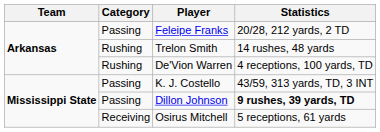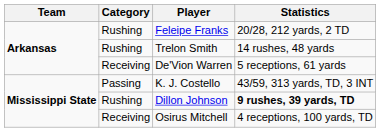 <table class="wikitable" style="float: left;">
 <tr>
 <th>Team</th>
 <th>Category</th>
 <th>Player</th>
 <th>Statistics</th>
 </tr>
 <tr>
 <td rowspan=3><strong>Arkansas</strong></td>
-<td>Passing</td>
+<td>Rushing</td>
 <td><a href='#'>Feleipe Franks</a></td>
 <td>20/28, 212 yards, 2 TD</td>
 </tr>
 <tr>
 <td>Rushing</td>
 <td>Trelon Smith</td>
 <td>14 rushes, 48 yards</td>
 </tr>
 <tr>
-<td>Rushing</td>
+<td>Receiving</td>
 <td>De'Vion Warren</td>
-<td>4 receptions, 100 yards, TD</td>
+<td>5 receptions, 61 yards</td>
 </tr>
 <tr>
 <td rowspan=3><strong>Mississippi State</strong></td>
 <td>Passing</td>
 <td>K. J. Costello</td>
 <td>43/59, 313 yards, TD, 3 INT</td>
 </tr>
 <tr>
-<td>Passing</td>
+<td>Rushing</td>
 <td><a href='#'>Dillon Johnson</a></td>
 <td><strong>9 rushes, 39 yards, TD</strong></td>
 </tr>
 <tr>
 <td>Receiving</td>
 <td>Osirus Mitchell</td>
-<td>5 receptions, 61 yards</td>
+<td>4 receptions, 100 yards, TD</td>
 </tr>
 </table>
